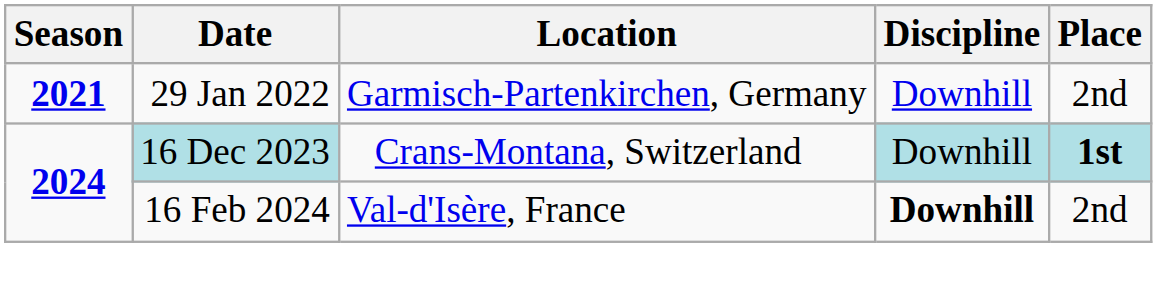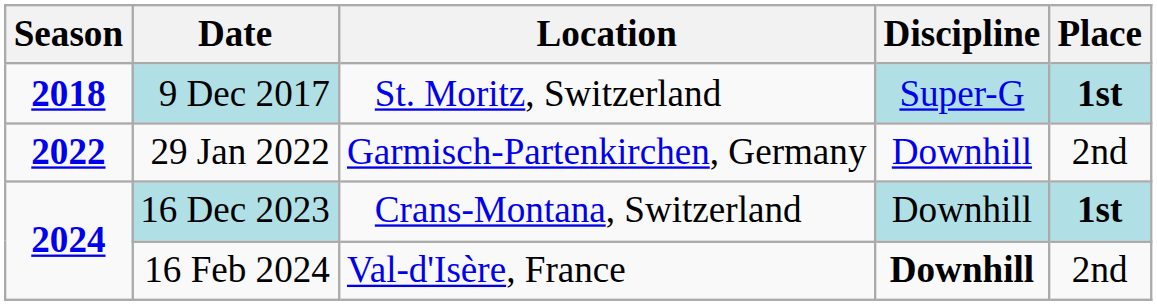 <table class="wikitable" style="text-align:center;">
 <tr>
 <th>Season</th>
 <th>Date</th>
 <th>Location</th>
 <th>Discipline</th>
 <th>Place</th>
 </tr>
 <tr>
-<td><strong><a href='#'>2021</a></strong></td>
+<td><strong><a href='#'>2018</a></strong></td>
+<td style="text-align:right;" bgcolor="#BOEOE6">9 Dec 2017</td>
+<td align=left>   <a href='#'>St. Moritz</a>, Switzerland</td>
+<td bgcolor="#BOEOE6"><a href='#'>Super-G</a></td>
+<td bgcolor="#BOEOE6"><strong>1st</strong></td>
+</tr>
+<tr>
+<td><strong><a href='#'>2022</a></strong></td>
 <td style="text-align:right;">29 Jan 2022</td>
 <td align=left> <a href='#'>Garmisch-Partenkirchen</a>, Germany</td>
 <td><a href='#'>Downhill</a></td>
 <td>2nd</td>
 </tr>
 <tr>
 <td rowspan=2><strong><a href='#'>2024</a></strong></td>
 <td style="text-align:right;" bgcolor="#BOEOE6">16 Dec 2023</td>
 <td align=left>   <a href='#'>Crans-Montana</a>, Switzerland</td>
 <td bgcolor="#BOEOE6">Downhill</td>
 <td bgcolor="#BOEOE6"><strong>1st</strong></td>
 </tr>
 <tr>
 <td style="text-align:right;">16 Feb 2024</td>
 <td align=left> <a href='#'>Val-d'Isère</a>, France</td>
 <td><strong>Downhill</strong></td>
 <td>2nd</td>
 </tr>
 </table>
